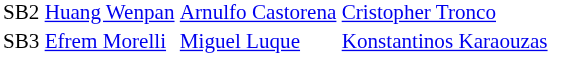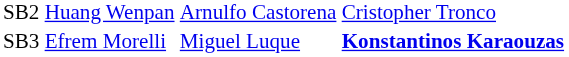 <table>
 <tr>
 <td>SB2</td>
 <td><a href='#'>Huang Wenpan</a><br></td>
 <td><a href='#'>Arnulfo Castorena</a><br></td>
 <td><a href='#'>Cristopher Tronco</a><br></td>
 </tr>
 <tr>
 <td>SB3</td>
 <td><a href='#'>Efrem Morelli</a><br></td>
 <td><a href='#'>Miguel Luque</a><br></td>
-<td><a href='#'>Konstantinos Karaouzas</a><br></td>
+<td><strong><a href='#'>Konstantinos Karaouzas</a><br></strong></td>
 </tr>
 </table>
